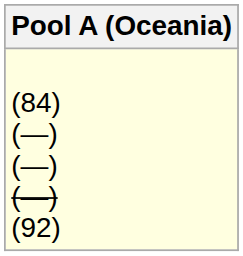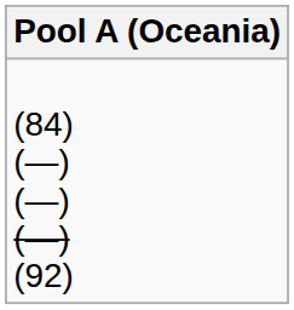 <table class="wikitable">
 <tr>
 <th>Pool A (Oceania)</th>
 </tr>
 <tr>
-<td style="background: lightyellow;"><br> (84)<br>  (—)<br>  (—)<br> <s> (—)</s><br>  (92)</td>
+<td><br> (84)<br>  (—)<br>  (—)<br> <s> (—)</s><br>  (92)</td>
 </tr>
 </table>
